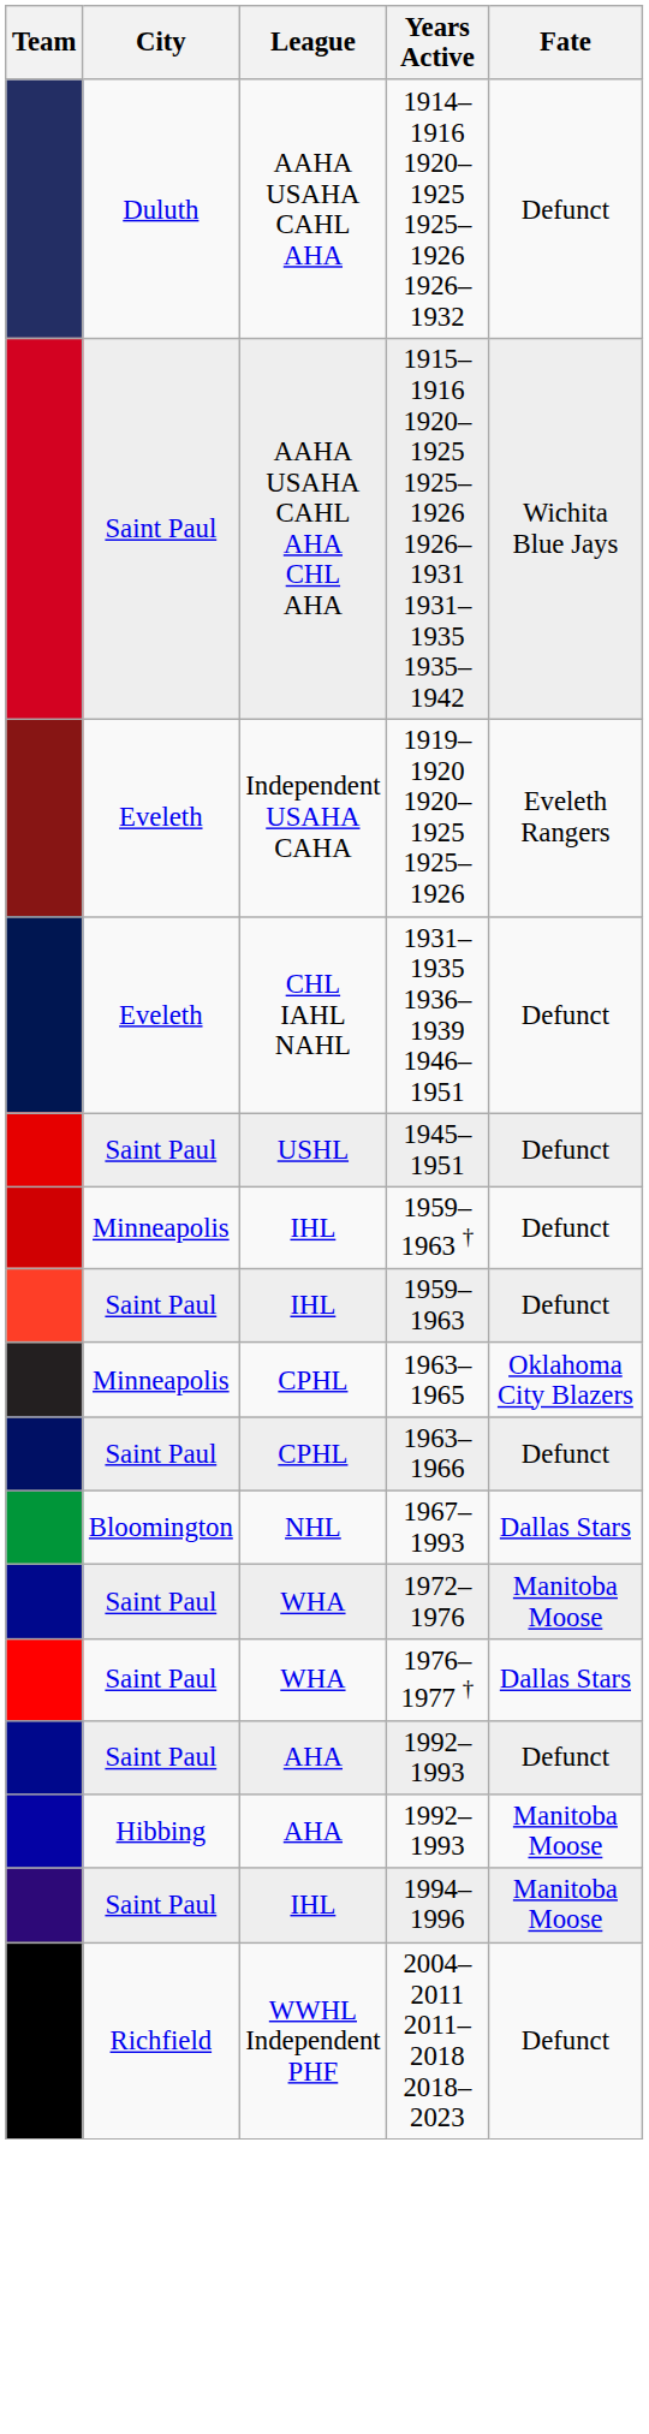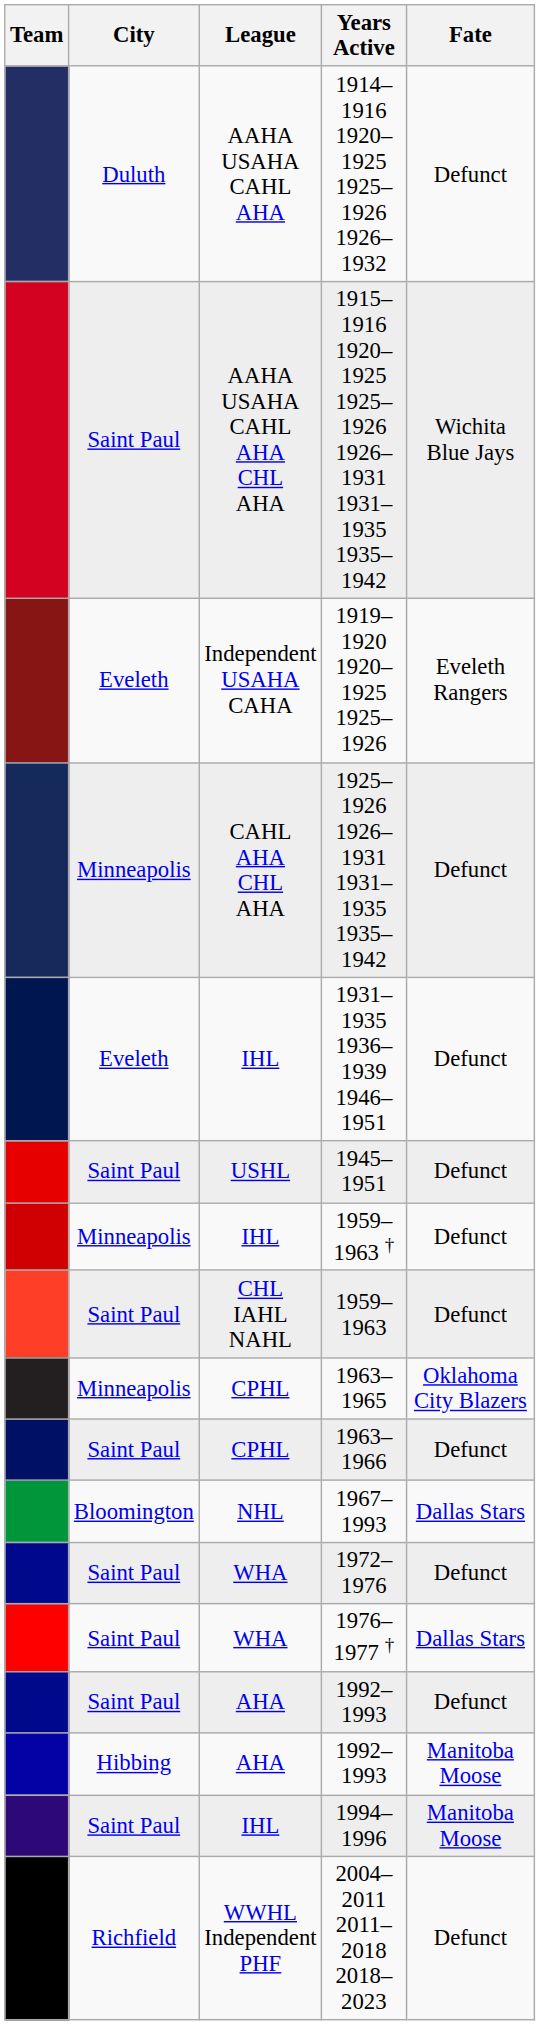 <table class="wikitable sortable" width="60%">
 <tr>
 <th>Team</th>
 <th>City</th>
 <th>League</th>
 <th>Years Active</th>
 <th>Fate</th>
 </tr>
 <tr align=center>
 <td style="color:white; background:#232e64; "><strong><a href='#'></a></strong></td>
 <td><a href='#'>Duluth</a></td>
 <td>AAHA<br>USAHA<br>CAHL<br><a href='#'>AHA</a></td>
 <td>1914–1916<br>1920–1925<br>1925–1926<br>1926–1932</td>
 <td>Defunct</td>
 </tr>
 <tr align=center bgcolor=eeeeee>
 <td style="color:white; background:#d30221; "><strong><a href='#'></a></strong></td>
 <td><a href='#'>Saint Paul</a></td>
 <td>AAHA<br>USAHA<br>CAHL<br><a href='#'>AHA</a><br><a href='#'>CHL</a><br>AHA</td>
 <td>1915–1916<br>1920–1925<br>1925–1926<br>1926–1931<br>1931–1935<br>1935–1942</td>
 <td>Wichita Blue Jays</td>
 </tr>
 <tr align=center>
 <td style="color:white; background:#871514"><strong><a href='#'></a></strong></td>
 <td><a href='#'>Eveleth</a></td>
 <td>Independent<br><a href='#'>USAHA</a><br>CAHA</td>
 <td>1919–1920<br>1920–1925<br>1925–1926</td>
 <td>Eveleth Rangers</td>
 </tr>
+<tr align=center bgcolor=eeeeee>
+<td style="color:white; background:#15295a"><strong><a href='#'></a></strong></td>
+<td><a href='#'>Minneapolis</a></td>
+<td>CAHL<br><a href='#'>AHA</a><br><a href='#'>CHL</a><br>AHA</td>
+<td>1925–1926<br>1926–1931<br>1931–1935<br>1935–1942</td>
+<td>Defunct</td>
+</tr>
 <tr align=center>
 <td style="color:white; background:#001651"><strong><a href='#'></a></strong></td>
 <td><a href='#'>Eveleth</a></td>
-<td><a href='#'>CHL</a><br>IAHL<br>NAHL</td>
+<td><a href='#'>IHL</a></td>
 <td>1931–1935<br>1936–1939<br>1946–1951</td>
 <td>Defunct</td>
 </tr>
 <tr align=center bgcolor=eeeeee>
 <td style="color:white; background:#e60000; "><strong><a href='#'></a></strong></td>
 <td><a href='#'>Saint Paul</a></td>
 <td><a href='#'>USHL</a></td>
 <td>1945–1951</td>
 <td>Defunct</td>
 </tr>
 <tr align=center>
 <td style="color:white; background:#d00002; "><strong><a href='#'></a></strong></td>
 <td><a href='#'>Minneapolis</a></td>
 <td><a href='#'>IHL</a></td>
 <td>1959–1963 <sup>†</sup></td>
 <td>Defunct</td>
 </tr>
 <tr align=center bgcolor=eeeeee>
 <td style="color:white; background:#fe3e27; "><strong><a href='#'></a></strong></td>
 <td><a href='#'>Saint Paul</a></td>
-<td><a href='#'>IHL</a></td>
+<td><a href='#'>CHL</a><br>IAHL<br>NAHL</td>
 <td>1959–1963</td>
 <td>Defunct</td>
 </tr>
 <tr align=center>
 <td style="color:white; background:#231f20; "><strong><a href='#'></a></strong></td>
 <td><a href='#'>Minneapolis</a></td>
 <td><a href='#'>CPHL</a></td>
 <td>1963–1965</td>
 <td><a href='#'>Oklahoma City Blazers</a></td>
 </tr>
 <tr align=center bgcolor=eeeeee>
 <td style="color:white; background:#001064; "><strong><a href='#'></a></strong></td>
 <td><a href='#'>Saint Paul</a></td>
 <td><a href='#'>CPHL</a></td>
 <td>1963–1966</td>
 <td>Defunct</td>
 </tr>
 <tr align=center>
 <td style="color:white; background:#009639; "><strong><a href='#'></a></strong></td>
 <td><a href='#'>Bloomington</a></td>
 <td><a href='#'>NHL</a></td>
 <td>1967–1993</td>
 <td><a href='#'>Dallas Stars</a></td>
 </tr>
 <tr align=center bgcolor=eeeeee>
 <td style="color:white; background:#00088C; "><strong><a href='#'></a></strong></td>
 <td><a href='#'>Saint Paul</a></td>
 <td><a href='#'>WHA</a></td>
 <td>1972–1976</td>
-<td><a href='#'>Manitoba Moose</a></td>
+<td>Defunct</td>
 </tr>
 <tr align=center>
 <td style="color:white; background:#ff0000; "><strong><a href='#'></a></strong></td>
 <td><a href='#'>Saint Paul</a></td>
 <td><a href='#'>WHA</a></td>
 <td>1976–1977 <sup>†</sup></td>
 <td><a href='#'>Dallas Stars</a></td>
 </tr>
 <tr align=center bgcolor=eeeeee>
 <td style="color:white; background:#00088C; "><strong><a href='#'></a></strong></td>
 <td><a href='#'>Saint Paul</a></td>
 <td><a href='#'>AHA</a></td>
 <td>1992–1993</td>
 <td>Defunct</td>
 </tr>
 <tr align=center>
 <td style="color:white; background:#0402a4; "><strong><a href='#'></a></strong></td>
 <td><a href='#'>Hibbing</a></td>
 <td><a href='#'>AHA</a></td>
 <td>1992–1993</td>
 <td><a href='#'>Manitoba Moose</a></td>
 </tr>
 <tr align=center bgcolor=eeeeee>
 <td style="color:white; background:#2d0978; "><strong><a href='#'></a></strong></td>
 <td><a href='#'>Saint Paul</a></td>
 <td><a href='#'>IHL</a></td>
 <td>1994–1996</td>
 <td><a href='#'>Manitoba Moose</a></td>
 </tr>
 <tr align=center>
 <td style="color:white; background:#000000; "><strong><a href='#'></a></strong></td>
 <td><a href='#'>Richfield</a></td>
 <td><a href='#'>WWHL</a><br>Independent<br><a href='#'>PHF</a></td>
 <td>2004–2011<br>2011–2018<br>2018–2023</td>
 <td>Defunct</td>
 </tr>
 </table>
